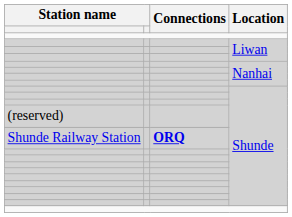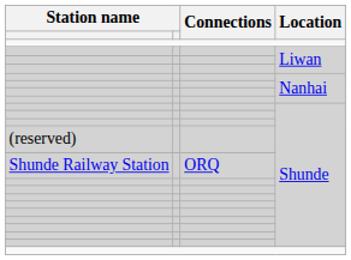 <table class="wikitable">
 <tr>
 <th colspan="2">Station name</th>
 <th rowspan="2">Connections</th>
 <th rowspan="2">Location</th>
 </tr>
 <tr>
 <th></th>
 <th></th>
 </tr>
 <tr style="background:#">
 <td colspan="5"></td>
 </tr>
 <tr bgcolor="lightgrey">
 <td></td>
 <td></td>
 <td> </td>
 <td rowspan="3"><a href='#'>Liwan</a><br></td>
 </tr>
 <tr bgcolor="lightgrey">
 <td></td>
 <td></td>
 <td></td>
 </tr>
 <tr bgcolor="lightgrey">
 <td></td>
 <td></td>
 <td> </td>
 </tr>
 <tr bgcolor="lightgrey">
 <td></td>
 <td></td>
 <td></td>
 <td rowspan="4"><a href='#'>Nanhai</a><br></td>
 </tr>
 <tr bgcolor="lightgrey">
 <td></td>
 <td></td>
 <td></td>
 </tr>
 <tr bgcolor="lightgrey">
 <td></td>
 <td></td>
 <td></td>
 </tr>
 <tr bgcolor="lightgrey">
 <td></td>
 <td></td>
 <td> </td>
 </tr>
 <tr bgcolor="lightgrey">
 <td></td>
 <td></td>
 <td> </td>
 <td rowspan="14"><a href='#'>Shunde</a><br></td>
 </tr>
 <tr bgcolor="lightgrey">
 <td></td>
 <td></td>
 <td></td>
 </tr>
 <tr bgcolor="lightgrey">
 <td></td>
 <td></td>
 <td></td>
 </tr>
 <tr bgcolor="lightgrey">
 <td> (reserved)</td>
 <td></td>
 <td></td>
 </tr>
 <tr bgcolor="lightgrey">
 <td><a href='#'>Shunde Railway Station</a></td>
 <td></td>
-<td><strong> <a href='#'>ORQ</a></strong></td>
+<td> <a href='#'>ORQ</a></td>
 </tr>
 <tr bgcolor="lightgrey">
 <td></td>
 <td></td>
 <td></td>
 </tr>
 <tr bgcolor="lightgrey">
 <td></td>
 <td></td>
 <td></td>
 </tr>
 <tr bgcolor="lightgrey">
 <td></td>
 <td></td>
 <td></td>
 </tr>
 <tr bgcolor="lightgrey">
 <td></td>
 <td></td>
 <td></td>
 </tr>
 <tr bgcolor="lightgrey">
 <td></td>
 <td></td>
 <td></td>
 </tr>
 <tr bgcolor="lightgrey">
 <td></td>
 <td></td>
 <td></td>
 </tr>
 <tr bgcolor="lightgrey">
 <td></td>
 <td></td>
 <td></td>
 </tr>
 <tr bgcolor="lightgrey">
 <td></td>
 <td></td>
 <td></td>
 </tr>
 <tr bgcolor="lightgrey">
 <td></td>
 <td></td>
 <td></td>
 </tr>
 <tr style="background:#">
 <td colspan="5"></td>
 </tr>
 </table>
